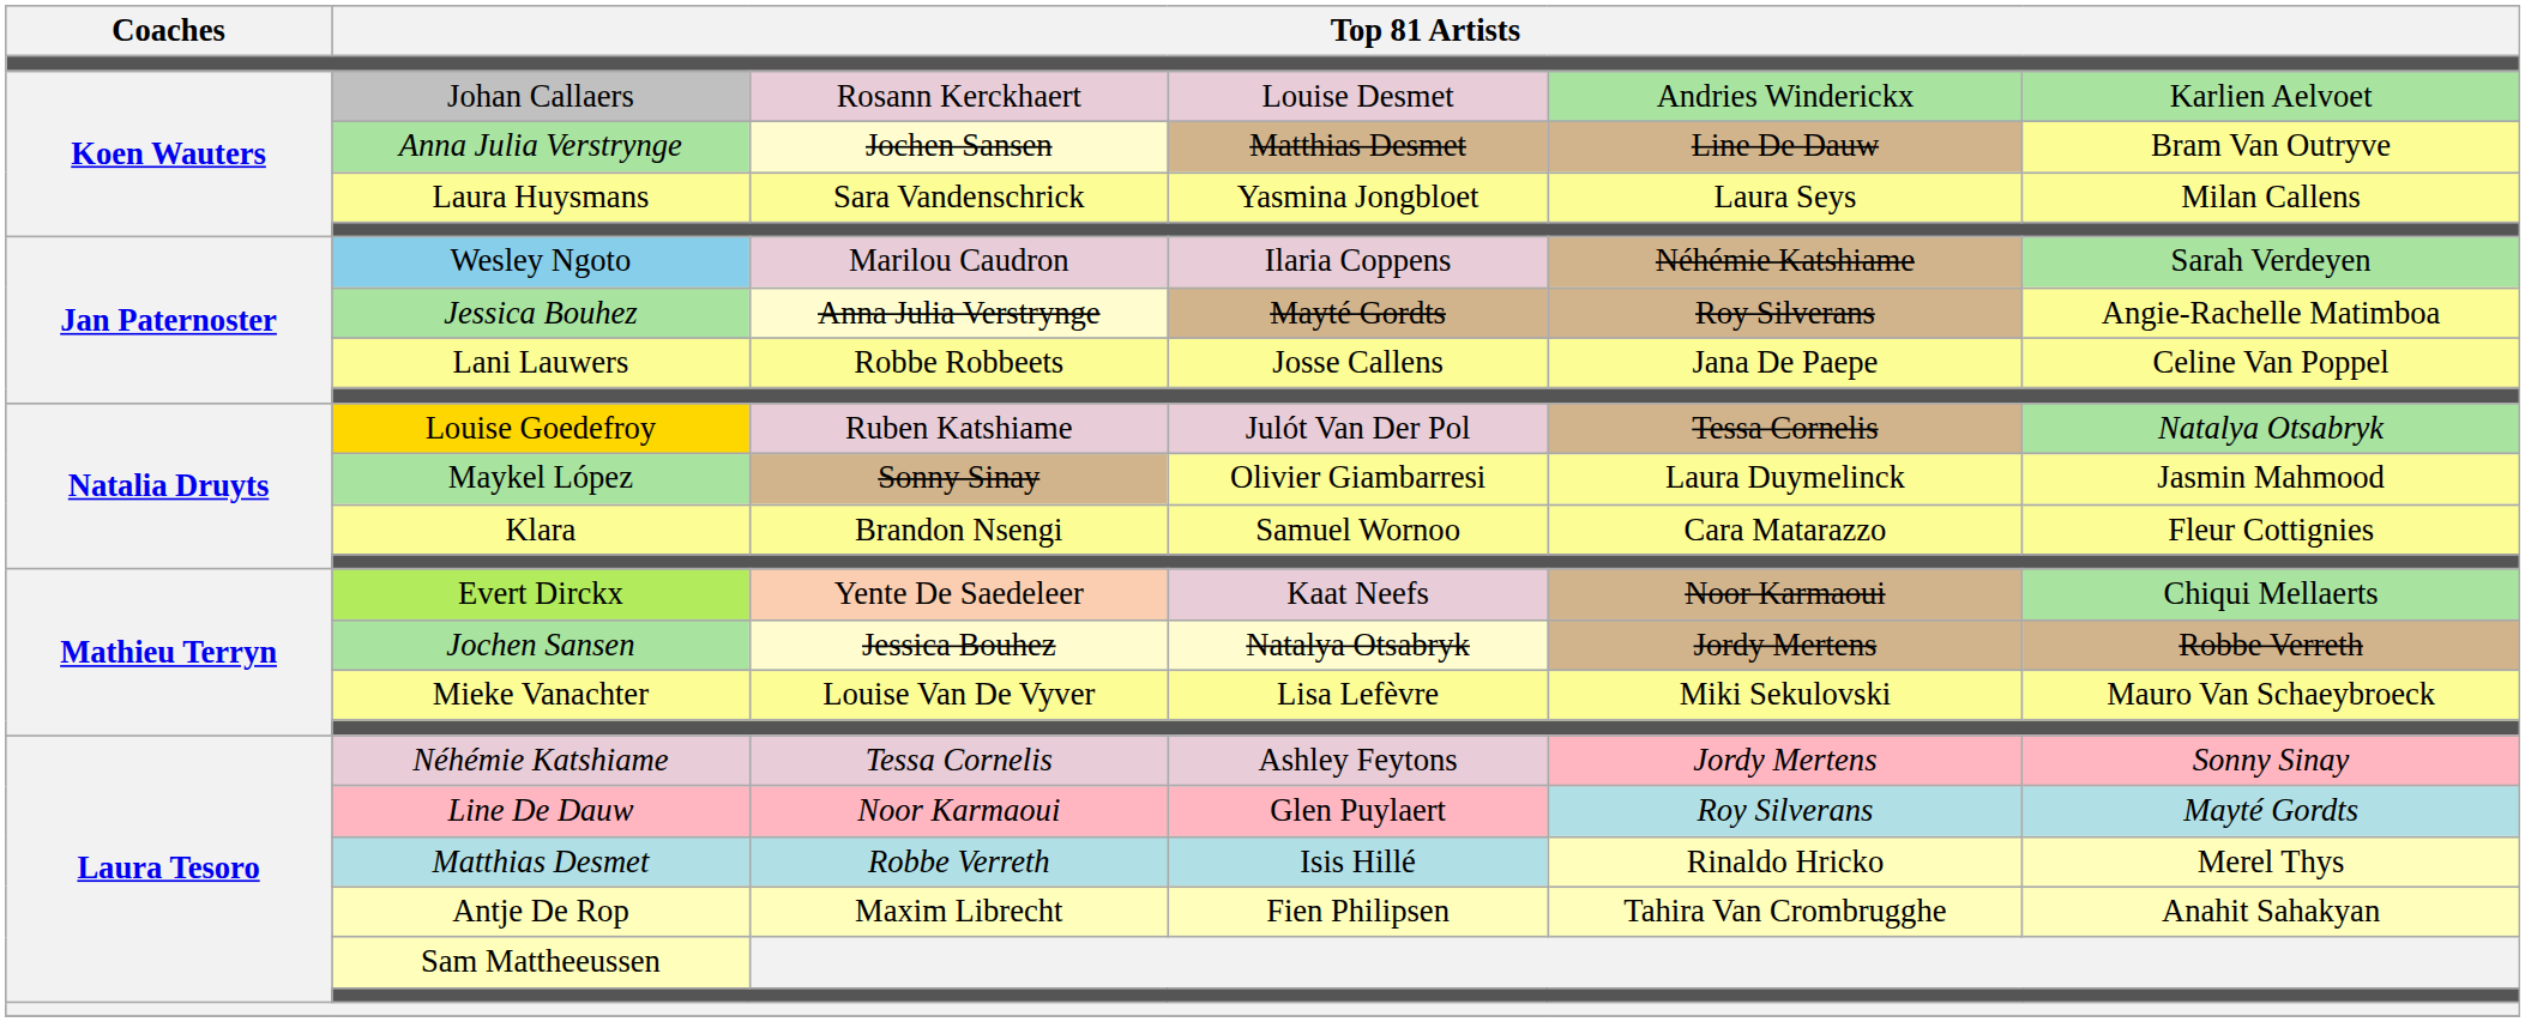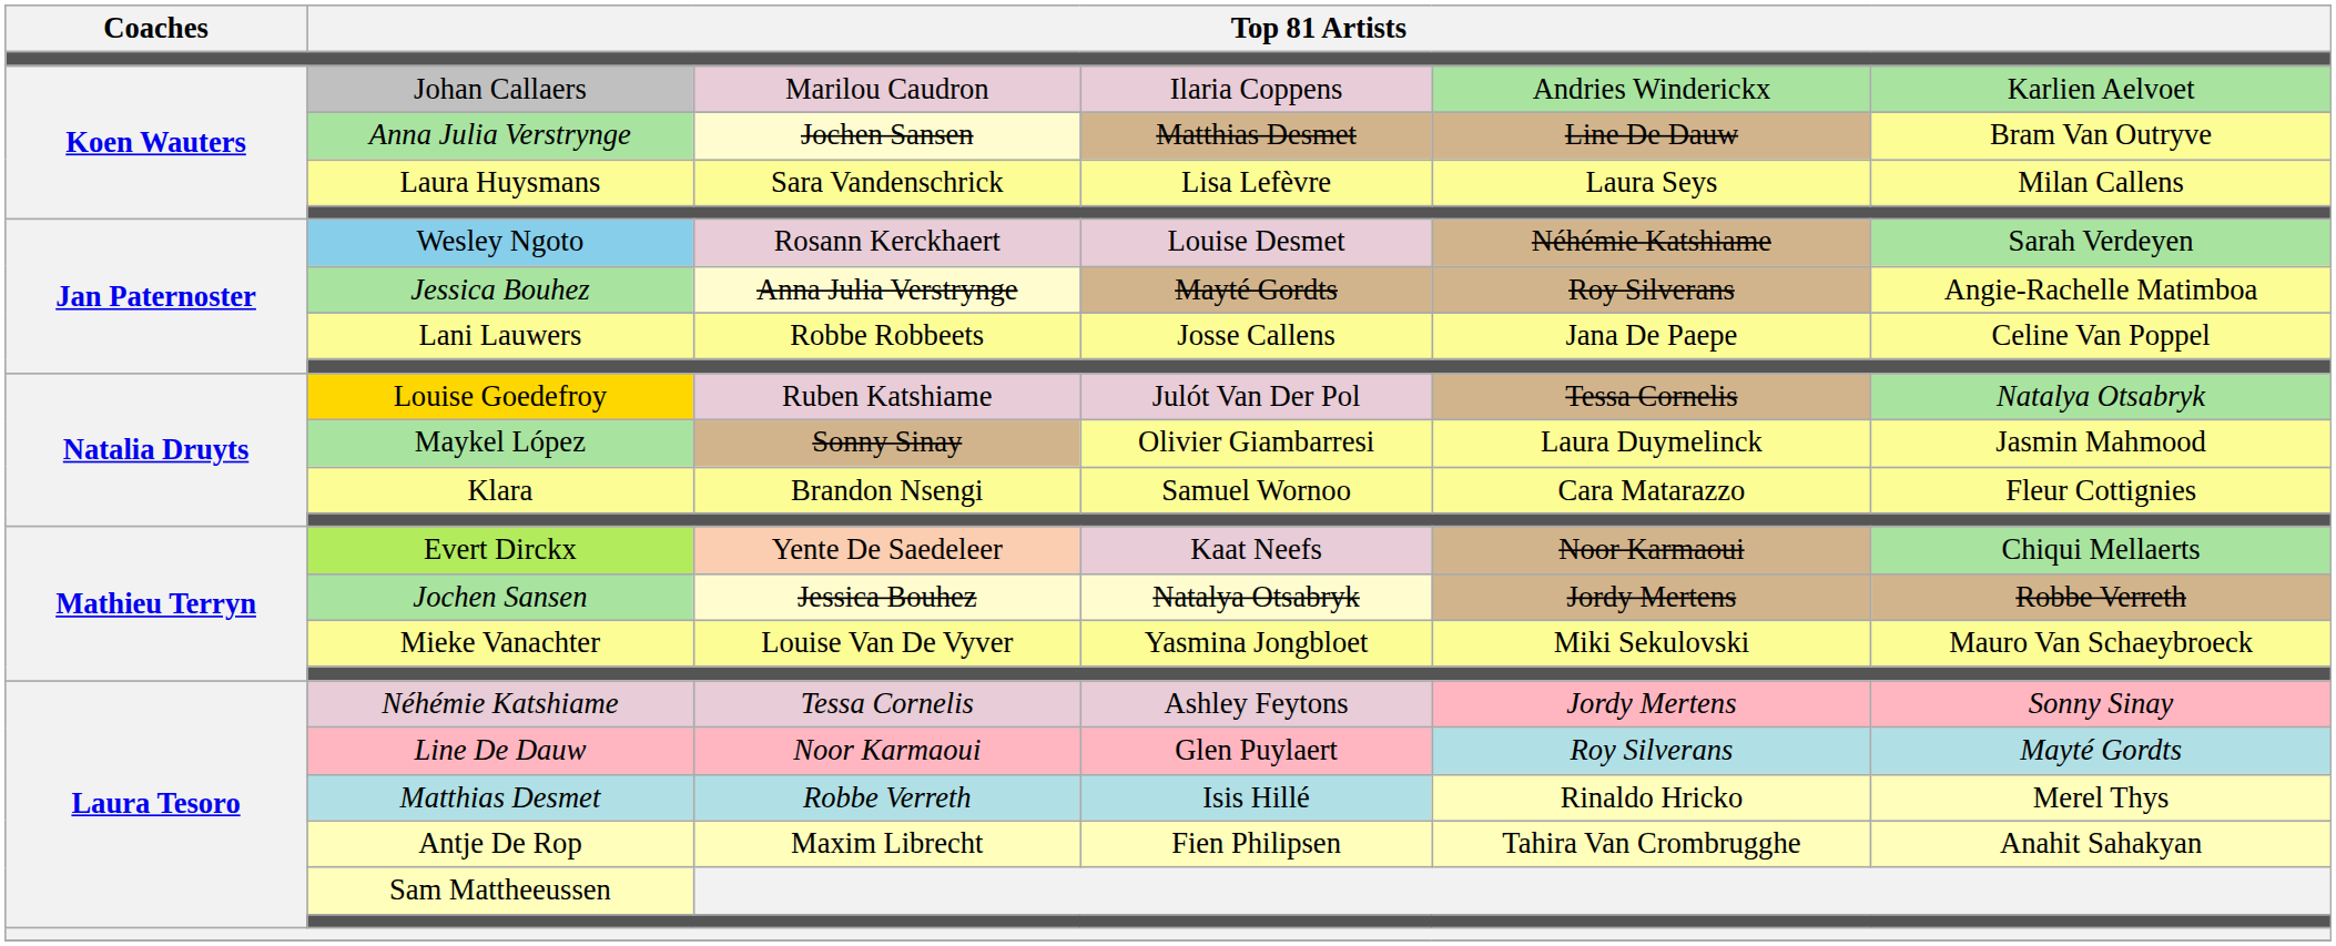 <table class="wikitable" style="text-align:center;width:100%">
 <tr>
 <th>Coaches</th>
 <th colspan="5">Top 81 Artists</th>
 </tr>
 <tr>
 <td colspan="6"  style="background:#555"></td>
 </tr>
 <tr>
 <th rowspan="4"><a href='#'>Koen Wauters</a></th>
 <td bgcolor="silver">Johan Callaers</td>
-<td bgcolor="#e8ccd7">Rosann Kerckhaert</td>
-<td bgcolor="#e8ccd7">Louise Desmet</td>
+<td bgcolor="#e8ccd7">Marilou Caudron</td>
+<td bgcolor="#e8ccd7">Ilaria Coppens</td>
 <td style="background:#A8E4A0">Andries Winderickx</td>
 <td style="background:#A8E4A0">Karlien Aelvoet</td>
 </tr>
 <tr>
 <td style="background:#A8E4A0"><em>Anna Julia Verstrynge</em></td>
 <td style="background:#FFFDD0"><s>Jochen Sansen</s></td>
 <td style="background:tan"><s>Matthias Desmet</s></td>
 <td style="background:tan"><s>Line De Dauw</s></td>
 <td style="background:#FDFD96">Bram Van Outryve</td>
 </tr>
 <tr>
 <td style="background:#FDFD96">Laura Huysmans</td>
 <td style="background:#FDFD96">Sara Vandenschrick</td>
-<td style="background:#FDFD96">Yasmina Jongbloet</td>
+<td style="background:#FDFD96">Lisa Lefèvre</td>
 <td style="background:#FDFD96">Laura Seys</td>
 <td style="background:#FDFD96">Milan Callens</td>
 </tr>
 <tr>
 <td colspan="5"  style="background:#555"></td>
 </tr>
 <tr>
 <th rowspan="4"><a href='#'>Jan Paternoster</a></th>
 <td bgcolor="skyblue">Wesley Ngoto</td>
-<td bgcolor="#e8ccd7">Marilou Caudron</td>
-<td bgcolor="#e8ccd7">Ilaria Coppens</td>
+<td bgcolor="#e8ccd7">Rosann Kerckhaert</td>
+<td bgcolor="#e8ccd7">Louise Desmet</td>
 <td style="background:tan"><s>Néhémie Katshiame</s></td>
 <td style="background:#A8E4A0">Sarah Verdeyen</td>
 </tr>
 <tr>
 <td style="background:#A8E4A0"><em>Jessica Bouhez</em></td>
 <td style="background:#FFFDD0"><s>Anna Julia Verstrynge</s></td>
 <td style="background:tan"><s>Mayté Gordts</s></td>
 <td style="background:tan"><s>Roy Silverans</s></td>
 <td style="background:#FDFD96">Angie-Rachelle Matimboa</td>
 </tr>
 <tr>
 <td style="background:#FDFD96">Lani Lauwers</td>
 <td style="background:#FDFD96">Robbe Robbeets</td>
 <td style="background:#FDFD96">Josse Callens</td>
 <td style="background:#FDFD96">Jana De Paepe</td>
 <td style="background:#FDFD96">Celine Van Poppel</td>
 </tr>
 <tr>
 <td colspan="5" style="background:#555"></td>
 </tr>
 <tr>
 <th rowspan="4"><a href='#'>Natalia Druyts</a></th>
 <td bgcolor="gold">Louise Goedefroy</td>
 <td bgcolor="#e8ccd7">Ruben Katshiame</td>
 <td bgcolor="#e8ccd7">Julót Van Der Pol</td>
 <td style="background:tan"><s>Tessa Cornelis</s></td>
 <td style="background:#A8E4A0"><em>Natalya Otsabryk</em></td>
 </tr>
 <tr>
 <td style="background:#A8E4A0">Maykel López</td>
 <td style="background:tan"><s>Sonny Sinay</s></td>
 <td style="background:#FDFD96">Olivier Giambarresi</td>
 <td style="background:#FDFD96">Laura Duymelinck</td>
 <td style="background:#FDFD96">Jasmin Mahmood</td>
 </tr>
 <tr>
 <td style="background:#FDFD96">Klara</td>
 <td style="background:#FDFD96">Brandon Nsengi</td>
 <td style="background:#FDFD96">Samuel Wornoo</td>
 <td style="background:#FDFD96">Cara Matarazzo</td>
 <td style="background:#FDFD96">Fleur Cottignies</td>
 </tr>
 <tr>
 <td colspan="5"  style="background:#555"></td>
 </tr>
 <tr>
 <th rowspan="4"><a href='#'>Mathieu Terryn</a></th>
 <td bgcolor="#B2EC5D">Evert Dirckx</td>
 <td bgcolor="#fbceb1">Yente De Saedeleer</td>
 <td bgcolor="#e8ccd7">Kaat Neefs</td>
 <td style="background:tan"><s>Noor Karmaoui</s></td>
 <td style="background:#A8E4A0">Chiqui Mellaerts</td>
 </tr>
 <tr>
 <td style="background:#A8E4A0"><em>Jochen Sansen</em></td>
 <td style="background:#FFFDD0"><s>Jessica Bouhez</s></td>
 <td style="background:#FFFDD0"><s>Natalya Otsabryk</s></td>
 <td style="background:tan"><s>Jordy Mertens</s></td>
 <td style="background:tan"><s>Robbe Verreth</s></td>
 </tr>
 <tr>
 <td style="background:#FDFD96">Mieke Vanachter</td>
 <td style="background:#FDFD96">Louise Van De Vyver</td>
-<td style="background:#FDFD96">Lisa Lefèvre</td>
+<td style="background:#FDFD96">Yasmina Jongbloet</td>
 <td style="background:#FDFD96">Miki Sekulovski</td>
 <td style="background:#FDFD96">Mauro Van Schaeybroeck</td>
 </tr>
 <tr>
 <td colspan="5" style="background:#555"></td>
 </tr>
 <tr>
 <th rowspan="6"><a href='#'>Laura Tesoro</a></th>
 <td bgcolor="#e8ccd7"><em>Néhémie Katshiame</em></td>
 <td bgcolor="#e8ccd7"><em>Tessa Cornelis</em></td>
 <td bgcolor="#e8ccd7">Ashley Feytons</td>
 <td style="background:lightpink"><em>Jordy Mertens</em></td>
 <td style="background:lightpink"><em>Sonny Sinay</em></td>
 </tr>
 <tr>
 <td style="background:lightpink"><em>Line De Dauw</em></td>
 <td style="background:lightpink"><em>Noor Karmaoui</em></td>
 <td style="background:lightpink">Glen Puylaert</td>
 <td style="background:#b0e0e6"><em>Roy Silverans</em></td>
 <td style="background:#b0e0e6"><em>Mayté Gordts</em></td>
 </tr>
 <tr>
 <td style="background:#b0e0e6"><em>Matthias Desmet</em></td>
 <td style="background:#b0e0e6"><em>Robbe Verreth</em></td>
 <td style="background:#b0e0e6">Isis Hillé</td>
 <td style="background:#ffffbb">Rinaldo Hricko</td>
 <td style="background:#ffffbb">Merel Thys</td>
 </tr>
 <tr>
 <td style="background:#ffffbb">Antje De Rop</td>
 <td style="background:#ffffbb">Maxim Librecht</td>
 <td style="background:#ffffbb">Fien Philipsen</td>
 <td style="background:#ffffbb">Tahira Van Crombrugghe</td>
 <td style="background:#ffffbb">Anahit Sahakyan</td>
 </tr>
 <tr>
 <td style="background:#ffffbb">Sam Mattheeussen</td>
 <th colspan="4"></th>
 </tr>
 <tr>
 <td colspan="6" style="background:#555"></td>
 </tr>
 <tr>
 <th colspan="6" style="font-size:90%; line-height:12px;"><small></small></th>
 </tr>
 <tr>
 </tr>
 </table>
